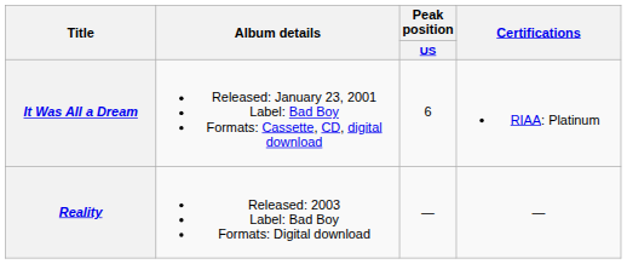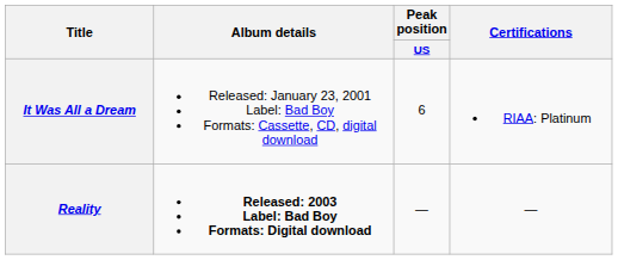 <table class="wikitable plainrowheaders" style="text-align:center;">
 <tr>
 <th scope="col" rowspan="2" style="width:11em;">Title</th>
 <th scope="col" rowspan="2" style="width:18em;">Album details</th>
 <th scope="col" colspan="1">Peak position</th>
 <th scope="col" rowspan="2" style="width:12em;"><a href='#'>Certifications</a></th>
 </tr>
 <tr>
 <th scope="col" style="width:2.5em; font-size:90%;"><a href='#'>US</a><br></th>
 </tr>
 <tr>
 <th scope="row"><em><a href='#'>It Was All a Dream</a></em></th>
 <td><br><ul><li>Released: January 23, 2001</li><li>Label: <a href='#'>Bad Boy</a></li><li>Formats: <a href='#'>Cassette</a>, <a href='#'>CD</a>, <a href='#'>digital download</a></li></ul></td>
 <td>6</td>
 <td><br><ul><li><a href='#'>RIAA</a>: Platinum</li></ul></td>
 </tr>
 <tr>
 <th scope="row"><em><a href='#'>Reality</a></em></th>
-<td><br><ul><li>Released: 2003</li><li>Label: Bad Boy</li><li>Formats: Digital download</li></ul></td>
+<td><strong><br><ul><li>Released: 2003</li><li>Label: Bad Boy</li><li>Formats: Digital download</li></ul></strong></td>
 <td>—</td>
 <td>—</td>
 </tr>
 </table>
